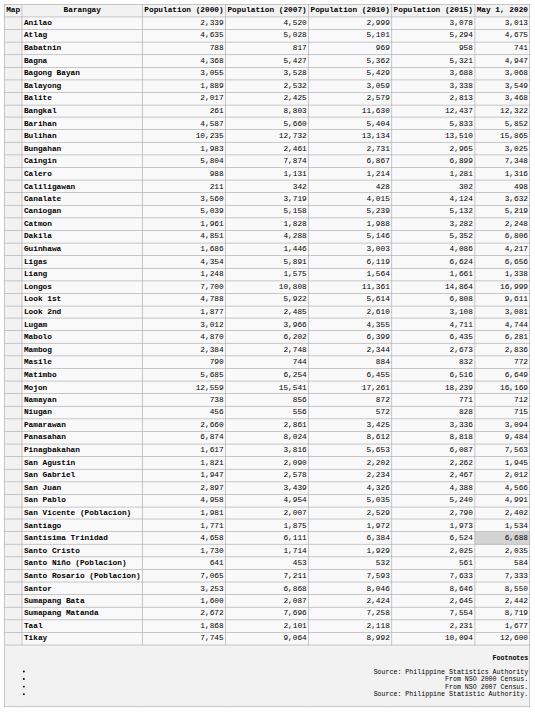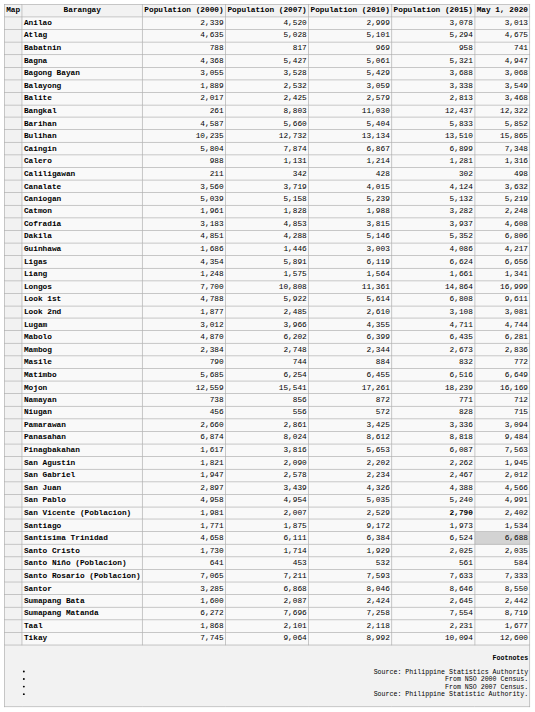 <table class="wikitable sortable collapsible" style="text-align:right;font-size:95%;">
 <tr>
 <th scope="col">Map</th>
 <th scope="col">Barangay</th>
 <th scope="col">Population (2000)</th>
 <th scope="col">Population (2007)</th>
 <th scope="col">Population (2010)</th>
 <th scope="col">Population (2015)</th>
 <th>May 1, 2020</th>
 </tr>
 <tr>
 <th scope="row" style="text-align:center;"></th>
 <td style="text-align:left;font-weight:bold;">Anilao</td>
 <td>2,339</td>
 <td>4,520</td>
 <td>2,999</td>
 <td>3,078</td>
 <td>3,013</td>
 </tr>
 <tr>
 <th scope="row" style="text-align:center;"></th>
 <td style="text-align:left;font-weight:bold;">Atlag</td>
 <td>4,635</td>
 <td>5,028</td>
 <td>5,101</td>
 <td>5,294</td>
 <td>4,675</td>
 </tr>
 <tr>
 <th scope="row" style="text-align:center;"></th>
 <td style="text-align:left;font-weight:bold;">Babatnin</td>
 <td>788</td>
 <td>817</td>
 <td>969</td>
 <td>958</td>
 <td>741</td>
 </tr>
 <tr>
 <th scope="row" style="text-align:center;"></th>
 <td style="text-align:left;font-weight:bold;">Bagna</td>
 <td>4,368</td>
 <td>5,427</td>
-<td>5,362</td>
+<td>5,061</td>
 <td>5,321</td>
 <td>4,947</td>
 </tr>
 <tr>
 <th scope="row" style="text-align:center;"></th>
 <td style="text-align:left;font-weight:bold;">Bagong Bayan</td>
 <td>3,055</td>
 <td>3,528</td>
 <td>5,429</td>
 <td>3,688</td>
 <td>3,068</td>
 </tr>
 <tr>
 <th scope="row" style="text-align:center;"></th>
 <td style="text-align:left;font-weight:bold;">Balayong</td>
 <td>1,889</td>
 <td>2,532</td>
 <td>3,059</td>
 <td>3,338</td>
 <td>3,549</td>
 </tr>
 <tr>
 <th scope="row" style="text-align:center;"></th>
 <td style="text-align:left;font-weight:bold;">Balite</td>
 <td>2,017</td>
 <td>2,425</td>
 <td>2,579</td>
 <td>2,813</td>
 <td>3,468</td>
 </tr>
 <tr>
 <th scope="row" style="text-align:center;"></th>
 <td style="text-align:left;font-weight:bold;">Bangkal</td>
 <td>261</td>
 <td>8,803</td>
-<td>11,630</td>
+<td>11,030</td>
 <td>12,437</td>
 <td>12,322</td>
 </tr>
 <tr>
 <th scope="row" style="text-align:center;"></th>
 <td style="text-align:left;font-weight:bold;">Barihan</td>
 <td>4,587</td>
 <td>5,660</td>
 <td>5,404</td>
 <td>5,833</td>
 <td>5,852</td>
 </tr>
 <tr>
 <th scope="row" style="text-align:center;"></th>
 <td style="text-align:left;font-weight:bold;">Bulihan</td>
 <td>10,235</td>
 <td>12,732</td>
 <td>13,134</td>
 <td>13,510</td>
 <td>15,865</td>
-</tr>
-<tr>
-<th scope="row" style="text-align:center;"></th>
-<td style="text-align:left;font-weight:bold;">Bungahan</td>
-<td>1,983</td>
-<td>2,461</td>
-<td>2,731</td>
-<td>2,965</td>
-<td>3,025</td>
 </tr>
 <tr>
 <th scope="row" style="text-align:center;"></th>
 <td style="text-align:left;font-weight:bold;">Caingin</td>
 <td>5,804</td>
 <td>7,874</td>
 <td>6,867</td>
 <td>6,899</td>
 <td>7,348</td>
 </tr>
 <tr>
 <th scope="row" style="text-align:center;"></th>
 <td style="text-align:left;font-weight:bold;">Calero</td>
 <td>988</td>
 <td>1,131</td>
 <td>1,214</td>
 <td>1,281</td>
 <td>1,316</td>
 </tr>
 <tr>
 <th scope="row" style="text-align:center;"></th>
 <td style="text-align:left;font-weight:bold;">Caliligawan</td>
 <td>211</td>
 <td>342</td>
 <td>428</td>
 <td>302</td>
 <td>498</td>
 </tr>
 <tr>
 <th scope="row" style="text-align:center;"></th>
 <td style="text-align:left;font-weight:bold;">Canalate</td>
 <td>3,560</td>
 <td>3,719</td>
 <td>4,015</td>
 <td>4,124</td>
 <td>3,632</td>
 </tr>
 <tr>
 <th scope="row" style="text-align:center;"></th>
 <td style="text-align:left;font-weight:bold;">Caniogan</td>
 <td>5,039</td>
 <td>5,158</td>
 <td>5,239</td>
 <td>5,132</td>
 <td>5,219</td>
 </tr>
 <tr>
 <th scope="row" style="text-align:center;"></th>
 <td style="text-align:left;font-weight:bold;">Catmon</td>
 <td>1,961</td>
 <td>1,828</td>
 <td>1,988</td>
 <td>3,282</td>
 <td>2,248</td>
 </tr>
 <tr>
 <th scope="row" style="text-align:center;"></th>
+<td style="text-align:left;font-weight:bold;">Cofradia</td>
+<td>3,183</td>
+<td>4,853</td>
+<td>3,815</td>
+<td>3,937</td>
+<td>4,608</td>
+</tr>
+<tr>
+<th scope="row" style="text-align:center;"></th>
 <td style="text-align:left;font-weight:bold;">Dakila</td>
 <td>4,851</td>
 <td>4,288</td>
 <td>5,146</td>
 <td>5,352</td>
 <td>6,806</td>
 </tr>
 <tr>
 <th scope="row" style="text-align:center;"></th>
 <td style="text-align:left;font-weight:bold;">Guinhawa</td>
 <td>1,686</td>
 <td>1,446</td>
 <td>3,003</td>
 <td>4,086</td>
 <td>4,217</td>
 </tr>
 <tr>
 <th scope="row" style="text-align:center;"></th>
 <td style="text-align:left;font-weight:bold;">Ligas</td>
 <td>4,354</td>
 <td>5,891</td>
 <td>6,119</td>
 <td>6,624</td>
 <td>6,656</td>
 </tr>
 <tr>
 <th scope="row" style="text-align:center;"></th>
 <td style="text-align:left;font-weight:bold;">Liang</td>
 <td>1,248</td>
 <td>1,575</td>
 <td>1,564</td>
 <td>1,661</td>
-<td>1,338</td>
+<td>1,341</td>
 </tr>
 <tr>
 <th scope="row" style="text-align:center;"></th>
 <td style="text-align:left;font-weight:bold;">Longos</td>
 <td>7,700</td>
 <td>10,808</td>
 <td>11,361</td>
 <td>14,864</td>
 <td>16,999</td>
 </tr>
 <tr>
 <th scope="row" style="text-align:center;"></th>
 <td style="text-align:left;font-weight:bold;">Look 1st</td>
 <td>4,788</td>
 <td>5,922</td>
 <td>5,614</td>
 <td>6,808</td>
 <td>9,611</td>
 </tr>
 <tr>
 <th scope="row" style="text-align:center;"></th>
 <td style="text-align:left;font-weight:bold;">Look 2nd</td>
 <td>1,877</td>
 <td>2,485</td>
 <td>2,610</td>
 <td>3,108</td>
 <td>3,081</td>
 </tr>
 <tr>
 <th scope="row" style="text-align:center;"></th>
 <td style="text-align:left;font-weight:bold;">Lugam</td>
 <td>3,012</td>
 <td>3,966</td>
 <td>4,355</td>
 <td>4,711</td>
 <td>4,744</td>
 </tr>
 <tr>
 <th scope="row" style="text-align:center;"></th>
 <td style="text-align:left;font-weight:bold;">Mabolo</td>
 <td>4,870</td>
 <td>6,202</td>
 <td>6,399</td>
 <td>6,435</td>
 <td>6,281</td>
 </tr>
 <tr>
 <th scope="row" style="text-align:center;"></th>
 <td style="text-align:left;font-weight:bold;">Mambog</td>
 <td>2,384</td>
 <td>2,748</td>
 <td>2,344</td>
 <td>2,673</td>
 <td>2,836</td>
 </tr>
 <tr>
 <th scope="row" style="text-align:center;"></th>
 <td style="text-align:left;font-weight:bold;">Masile</td>
 <td>790</td>
 <td>744</td>
 <td>884</td>
 <td>832</td>
 <td>772</td>
 </tr>
 <tr>
 <th scope="row" style="text-align:center;"></th>
 <td style="text-align:left;font-weight:bold;">Matimbo</td>
 <td>5,685</td>
 <td>6,254</td>
 <td>6,455</td>
 <td>6,516</td>
 <td>6,649</td>
 </tr>
 <tr>
 <th scope="row" style="text-align:center;"></th>
 <td style="text-align:left;font-weight:bold;">Mojon</td>
 <td>12,559</td>
 <td>15,541</td>
 <td>17,261</td>
 <td>18,239</td>
 <td>16,169</td>
 </tr>
 <tr>
 <th scope="row" style="text-align:center;"></th>
 <td style="text-align:left;font-weight:bold;">Namayan</td>
 <td>738</td>
 <td>856</td>
 <td>872</td>
 <td>771</td>
 <td>712</td>
 </tr>
 <tr>
 <th scope="row" style="text-align:center;"></th>
 <td style="text-align:left;font-weight:bold;">Niugan</td>
 <td>456</td>
 <td>556</td>
 <td>572</td>
 <td>828</td>
 <td>715</td>
 </tr>
 <tr>
 <th scope="row" style="text-align:center;"></th>
 <td style="text-align:left;font-weight:bold;">Pamarawan</td>
 <td>2,660</td>
 <td>2,861</td>
 <td>3,425</td>
 <td>3,336</td>
 <td>3,094</td>
 </tr>
 <tr>
 <th scope="row" style="text-align:center;"></th>
 <td style="text-align:left;font-weight:bold;">Panasahan</td>
 <td>6,874</td>
 <td>8,024</td>
 <td>8,612</td>
 <td>8,818</td>
 <td>9,484</td>
 </tr>
 <tr>
 <th scope="row" style="text-align:center;"></th>
 <td style="text-align:left;font-weight:bold;">Pinagbakahan</td>
 <td>1,617</td>
 <td>3,816</td>
 <td>5,653</td>
 <td>6,087</td>
 <td>7,563</td>
 </tr>
 <tr>
 <th scope="row" style="text-align:center;"></th>
 <td style="text-align:left;font-weight:bold;">San Agustin</td>
 <td>1,821</td>
 <td>2,090</td>
 <td>2,202</td>
 <td>2,262</td>
 <td>1,945</td>
 </tr>
 <tr>
 <th scope="row" style="text-align:center;"></th>
 <td style="text-align:left;font-weight:bold;">San Gabriel</td>
 <td>1,947</td>
 <td>2,578</td>
 <td>2,234</td>
 <td>2,467</td>
 <td>2,012</td>
 </tr>
 <tr>
 <th scope="row" style="text-align:center;"></th>
 <td style="text-align:left;font-weight:bold;">San Juan</td>
 <td>2,897</td>
 <td>3,439</td>
 <td>4,326</td>
 <td>4,388</td>
 <td>4,566</td>
 </tr>
 <tr>
 <th scope="row" style="text-align:center;"></th>
 <td style="text-align:left;font-weight:bold;">San Pablo</td>
 <td>4,958</td>
 <td>4,954</td>
 <td>5,035</td>
 <td>5,240</td>
 <td>4,991</td>
 </tr>
 <tr>
 <th scope="row" style="text-align:center;"></th>
 <td style="text-align:left;font-weight:bold;">San Vicente (Poblacion)</td>
 <td>1,981</td>
 <td>2,007</td>
 <td>2,529</td>
-<td>2,790</td>
+<td><strong>2,790</strong></td>
 <td>2,402</td>
 </tr>
 <tr>
 <th scope="row" style="text-align:center;"></th>
 <td style="text-align:left;font-weight:bold;">Santiago</td>
 <td>1,771</td>
 <td>1,875</td>
-<td>1,972</td>
+<td>9,172</td>
 <td>1,973</td>
 <td>1,534</td>
 </tr>
 <tr>
 <th scope="row" style="text-align:center;"></th>
 <td style="text-align:left;font-weight:bold;">Santisima Trinidad</td>
 <td>4,658</td>
 <td>6,111</td>
 <td>6,384</td>
 <td>6,524</td>
 <td style="background: lightgrey;">6,688</td>
 </tr>
 <tr>
 <th scope="row" style="text-align:center;"></th>
 <td style="text-align:left;font-weight:bold;">Santo Cristo</td>
 <td>1,730</td>
 <td>1,714</td>
 <td>1,929</td>
 <td>2,025</td>
 <td>2,035</td>
 </tr>
 <tr>
 <th scope="row" style="text-align:center;"></th>
 <td style="text-align:left;font-weight:bold;">Santo Niño (Poblacion)</td>
 <td>641</td>
 <td>453</td>
 <td>532</td>
 <td>561</td>
 <td>584</td>
 </tr>
 <tr>
 <th scope="row" style="text-align:center;"></th>
 <td style="text-align:left;font-weight:bold;">Santo Rosario (Poblacion)</td>
 <td>7,065</td>
 <td>7,211</td>
 <td>7,593</td>
 <td>7,633</td>
 <td>7,333</td>
 </tr>
 <tr>
 <th scope="row" style="text-align:center;"></th>
 <td style="text-align:left;font-weight:bold;">Santor</td>
-<td>3,253</td>
+<td>3,285</td>
 <td>6,868</td>
 <td>8,046</td>
 <td>8,646</td>
 <td>8,550</td>
 </tr>
 <tr>
 <th scope="row" style="text-align:center;"></th>
 <td style="text-align:left;font-weight:bold;">Sumapang Bata</td>
 <td>1,600</td>
 <td>2,087</td>
 <td>2,424</td>
 <td>2,645</td>
 <td>2,442</td>
 </tr>
 <tr>
 <th scope="row" style="text-align:center;"></th>
 <td style="text-align:left;font-weight:bold;">Sumapang Matanda</td>
-<td>2,672</td>
+<td>6,272</td>
 <td>7,696</td>
 <td>7,258</td>
 <td>7,554</td>
 <td>8,719</td>
 </tr>
 <tr>
 <th scope="row" style="text-align:center;"></th>
 <td style="text-align:left;font-weight:bold;">Taal</td>
 <td>1,868</td>
 <td>2,101</td>
 <td>2,118</td>
 <td>2,231</td>
 <td>1,677</td>
 </tr>
 <tr>
 <th scope="row" style="text-align:center;"></th>
 <td style="text-align:left;font-weight:bold;">Tikay</td>
 <td>7,745</td>
 <td>9,064</td>
 <td>8,992</td>
 <td>10,094</td>
 <td>12,600</td>
 </tr>
 <tr class="sortbottom" style="background:#F2F2F2;font-size:85%;">
 <td colspan="7"><br><strong>Footnotes</strong> <ul><li> Source: Philippine Statistics Authority</li><li> From NSO 2000 Census.</li><li> From NSO 2007 Census.</li><li> Source: Philippine Statistic Authority.</li></ul></td>
 </tr>
 </table>
